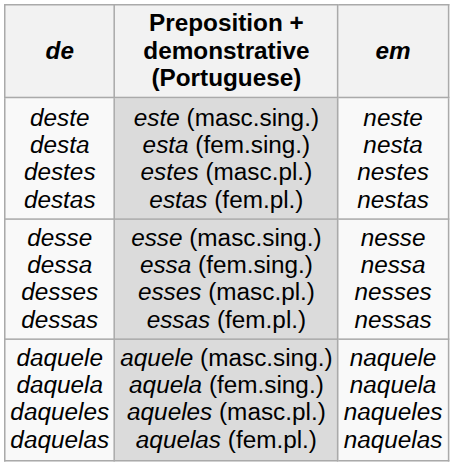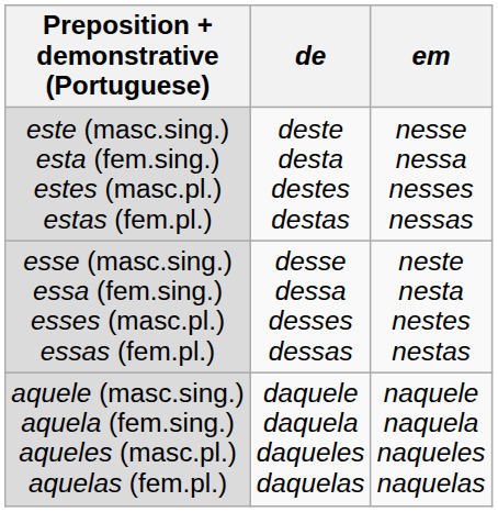 <table class="wikitable">
 <tr>
+<th>Preposition +<br>demonstrative<br>(Portuguese)</th>
 <th><em>de</em></th>
-<th>Preposition +<br>demonstrative<br>(Portuguese)</th>
 <th><em>em</em></th>
 </tr>
 <tr>
+<td style="text-align:center; background:#dbdbdb;"><em>este</em> (masc.sing.)<br><em>esta</em> (fem.sing.)<br><em>estes</em> (masc.pl.)<br><em>estas</em> (fem.pl.)</td>
 <td align=center><em>deste</em><br><em>desta</em><br><em>destes</em><br><em>destas</em></td>
-<td style="text-align:center; background:#dbdbdb;"><em>este</em> (masc.sing.)<br><em>esta</em> (fem.sing.)<br><em>estes</em> (masc.pl.)<br><em>estas</em> (fem.pl.)</td>
+<td align=center><em>nesse</em><br><em>nessa</em><br><em>nesses</em><br><em>nessas</em></td>
+</tr>
+<tr>
+<td style="text-align:center; background:#dbdbdb;"><em>esse</em> (masc.sing.)<br><em>essa</em> (fem.sing.)<br><em>esses</em> (masc.pl.)<br><em>essas</em> (fem.pl.)</td>
+<td align=center><em>desse</em><br><em>dessa</em><br><em>desses</em><br><em>dessas</em></td>
 <td align=center><em>neste</em><br><em>nesta</em><br><em>nestes</em><br><em>nestas</em></td>
 </tr>
 <tr>
-<td align=center><em>desse</em><br><em>dessa</em><br><em>desses</em><br><em>dessas</em></td>
-<td style="text-align:center; background:#dbdbdb;"><em>esse</em> (masc.sing.)<br><em>essa</em> (fem.sing.)<br><em>esses</em> (masc.pl.)<br><em>essas</em> (fem.pl.)</td>
-<td align=center><em>nesse</em><br><em>nessa</em><br><em>nesses</em><br><em>nessas</em></td>
-</tr>
-<tr>
+<td style="text-align:center; background:#dbdbdb;"><em>aquele</em> (masc.sing.)<br><em>aquela</em> (fem.sing.)<br><em>aqueles</em> (masc.pl.)<br><em>aquelas</em> (fem.pl.)</td>
 <td align=center><em>daquele</em><br><em>daquela</em><br><em>daqueles</em><br><em>daquelas</em></td>
-<td style="text-align:center; background:#dbdbdb;"><em>aquele</em> (masc.sing.)<br><em>aquela</em> (fem.sing.)<br><em>aqueles</em> (masc.pl.)<br><em>aquelas</em> (fem.pl.)</td>
 <td align=center><em>naquele</em><br><em>naquela</em><br><em>naqueles</em><br><em>naquelas</em></td>
 </tr>
 </table>
